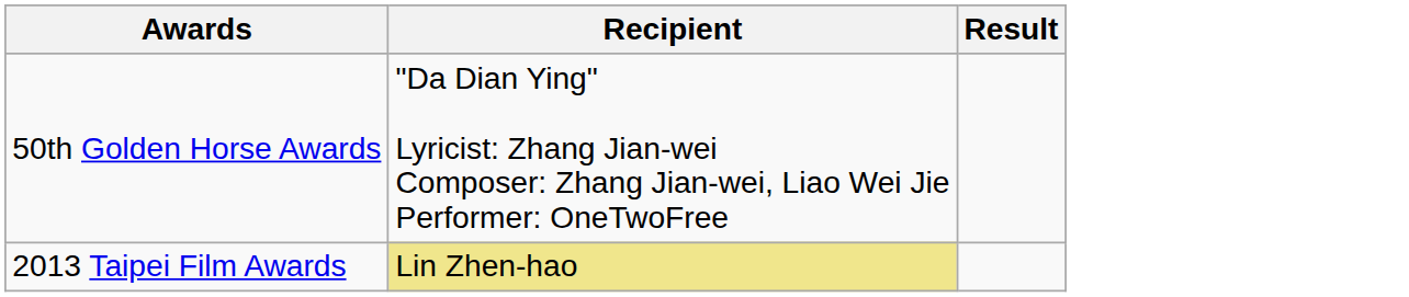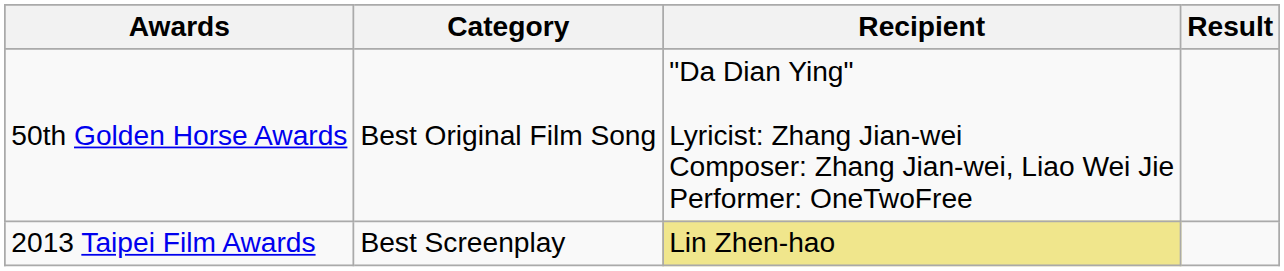 <table class="wikitable">
 <tr>
 <th>Awards</th>
+<th>Category</th>
 <th>Recipient</th>
 <th>Result</th>
 </tr>
 <tr>
 <td>50th <a href='#'>Golden Horse Awards</a></td>
+<td>Best Original Film Song</td>
 <td>"Da Dian Ying"<br><br>Lyricist: Zhang Jian-wei<br> Composer: Zhang Jian-wei, Liao Wei Jie<br> Performer: OneTwoFree</td>
 <td></td>
 </tr>
 <tr>
 <td>2013 <a href='#'>Taipei Film Awards</a></td>
+<td>Best Screenplay</td>
 <td style="background: khaki;">Lin Zhen-hao</td>
 <td></td>
 </tr>
 </table>
